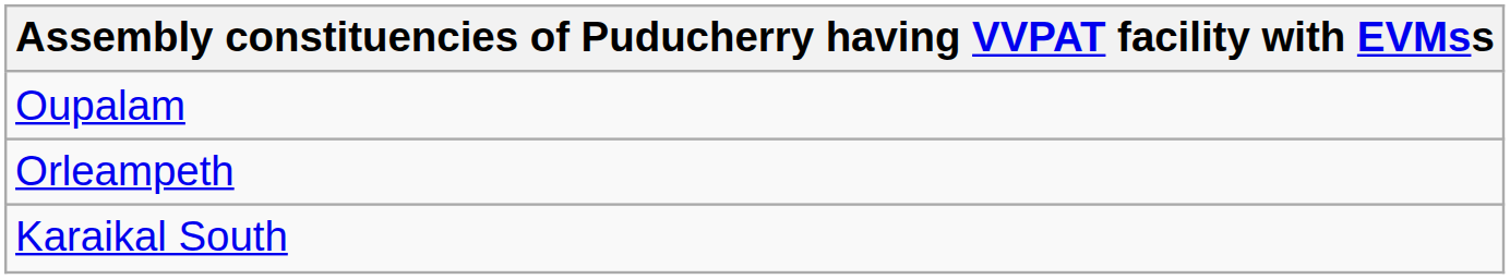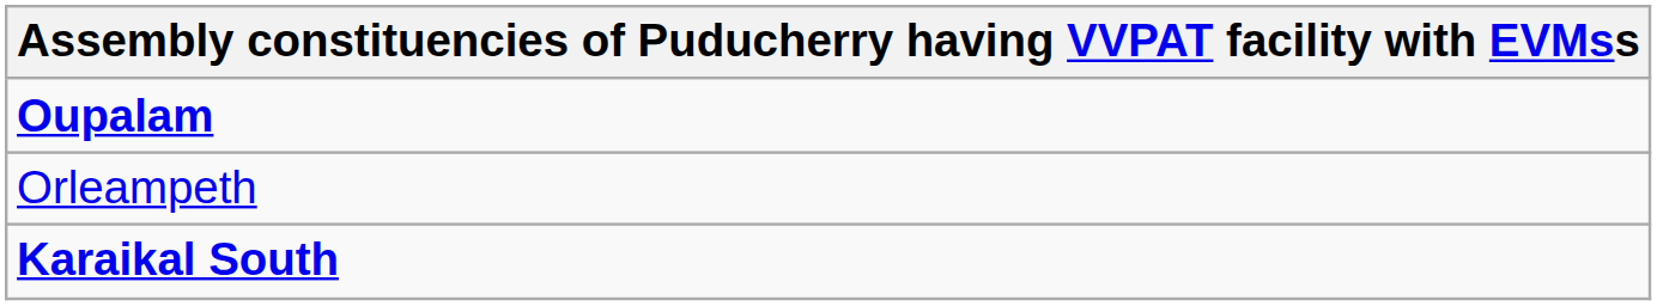 <table class="wikitable" | align="center">
 <tr>
 <th colspan="3">Assembly constituencies of Puducherry having <a href='#'>VVPAT</a> facility with <a href='#'>EVMs</a>s</th>
 </tr>
 <tr>
-<td><a href='#'>Oupalam</a></td>
+<td><strong><a href='#'>Oupalam</a></strong></td>
 </tr>
 <tr>
 <td><a href='#'>Orleampeth</a></td>
 </tr>
 <tr>
-<td><a href='#'>Karaikal South</a></td>
+<td><strong><a href='#'>Karaikal South</a></strong></td>
 </tr>
 </table>
